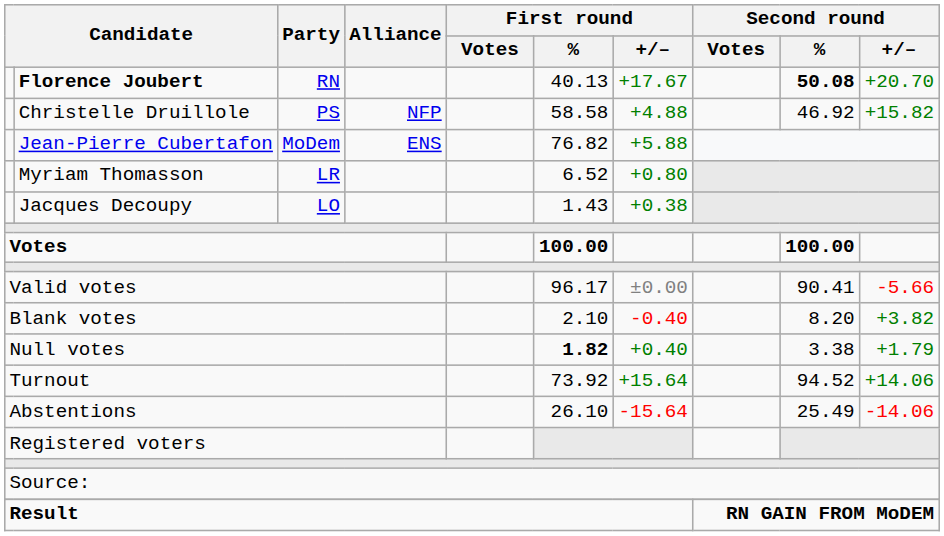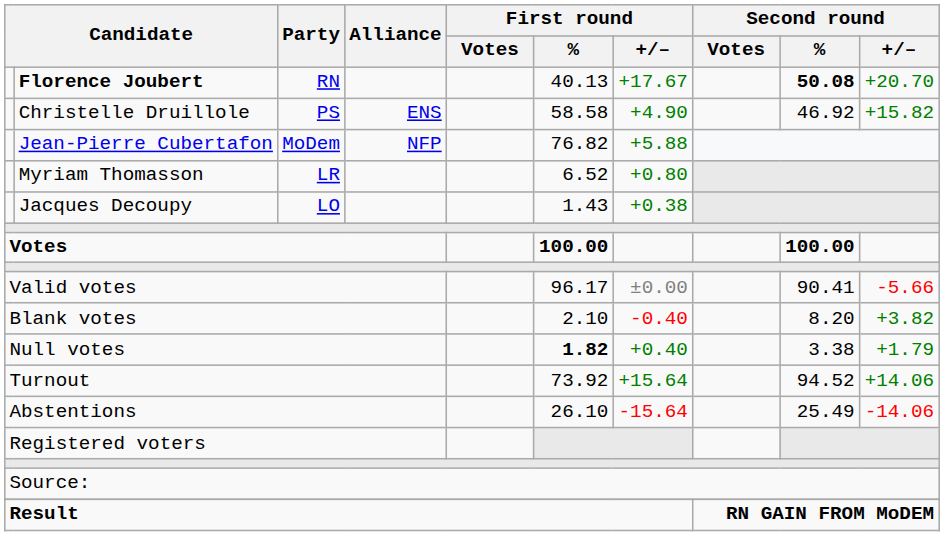 <table class="wikitable" style="text-align:right;font-size:95%;">
 <tr>
 <th rowspan="2" colspan="2">Candidate</th>
 <th rowspan="2">Party</th>
 <th rowspan="2">Alliance</th>
 <th colspan="3">First round</th>
 <th colspan="3">Second round</th>
 </tr>
 <tr>
 <th style="width:50px;">Votes</th>
 <th style="width:45px;">%</th>
 <th style="width:45px;">+/–</th>
 <th style="width:50px;">Votes</th>
 <th style="width:45px;">%</th>
 <th style="width:45px;">+/–</th>
 </tr>
 <tr>
 <td style="color:inherit;background:"></td>
 <td style="text-align:left;"><strong>Florence Joubert</strong></td>
 <td><a href='#'>RN</a></td>
 <td></td>
 <td></td>
 <td>40.13</td>
 <td style="color:green;">+17.67</td>
 <td><strong></strong></td>
 <td><strong>50.08</strong></td>
 <td style="color:green;">+20.70</td>
 </tr>
 <tr>
 <td style="color:inherit;background:"></td>
 <td style="text-align:left;">Christelle Druillole</td>
 <td><a href='#'>PS</a></td>
-<td><a href='#'>NFP</a></td>
+<td><a href='#'>ENS</a></td>
 <td></td>
 <td>58.58</td>
-<td style="color:green;">+4.88</td>
+<td style="color:green;">+4.90</td>
 <td></td>
 <td>46.92</td>
 <td style="color:green;">+15.82</td>
 </tr>
 <tr>
 <td style="color:inherit;background:"></td>
 <td style="text-align:left;"><a href='#'>Jean-Pierre Cubertafon</a></td>
 <td><a href='#'>MoDem</a></td>
-<td><a href='#'>ENS</a></td>
+<td><a href='#'>NFP</a></td>
 <td></td>
 <td>76.82</td>
 <td style="color:green;">+5.88</td>
 <td colspan="3" style="background:#F8F9FA;"></td>
 </tr>
 <tr>
 <td style="color:inherit;background:"></td>
 <td style="text-align:left;">Myriam Thomasson</td>
 <td><a href='#'>LR</a></td>
 <td></td>
 <td></td>
 <td>6.52</td>
 <td style="color:green;">+0.80</td>
 <td colspan="3" style="background:#E9E9E9;"></td>
 </tr>
 <tr>
 <td style="color:inherit;background:"></td>
 <td style="text-align:left;">Jacques Decoupy</td>
 <td><a href='#'>LO</a></td>
 <td></td>
 <td></td>
 <td>1.43</td>
 <td style="color:green;">+0.38</td>
 <td colspan="3" style="background:#E9E9E9;"></td>
 </tr>
 <tr>
 <td colspan="10" style="background:#E9E9E9;"></td>
 </tr>
 <tr style="font-weight:bold;">
 <td colspan="4" style="text-align:left;">Votes</td>
 <td></td>
 <td>100.00</td>
 <td></td>
 <td></td>
 <td>100.00</td>
 <td></td>
 </tr>
 <tr>
 <td colspan="10" style="background:#E9E9E9;"></td>
 </tr>
 <tr>
 <td colspan="4" style="text-align:left;">Valid votes</td>
 <td></td>
 <td>96.17</td>
 <td style="color:grey;">±0.00</td>
 <td></td>
 <td>90.41</td>
 <td style="color:red;">-5.66</td>
 </tr>
 <tr>
 <td colspan="4" style="text-align:left;">Blank votes</td>
 <td></td>
 <td>2.10</td>
 <td style="color:red;">-0.40</td>
 <td></td>
 <td>8.20</td>
 <td style="color:green;">+3.82</td>
 </tr>
 <tr>
 <td colspan="4" style="text-align:left;">Null votes</td>
 <td></td>
 <td><strong>1.82</strong></td>
 <td style="color:green;">+0.40</td>
 <td></td>
 <td>3.38</td>
 <td style="color:green;">+1.79</td>
 </tr>
 <tr>
 <td colspan="4" style="text-align:left;">Turnout</td>
 <td></td>
 <td>73.92</td>
 <td style="color:green;">+15.64</td>
 <td></td>
 <td>94.52</td>
 <td style="color:green;">+14.06</td>
 </tr>
 <tr>
 <td colspan="4" style="text-align:left;">Abstentions</td>
 <td></td>
 <td>26.10</td>
 <td style="color:red;">-15.64</td>
 <td></td>
 <td>25.49</td>
 <td style="color:red;">-14.06</td>
 </tr>
 <tr>
 <td colspan="4" style="text-align:left;">Registered voters</td>
 <td></td>
 <td colspan="2" style="background:#E9E9E9;"></td>
 <td></td>
 <td colspan="2" style="background:#E9E9E9;"></td>
 </tr>
 <tr>
 <td colspan="10" style="background:#E9E9E9;"></td>
 </tr>
 <tr>
 <td colspan="10" style="text-align:left;">Source: </td>
 </tr>
 <tr>
 </tr>
 <tr style="font-weight:bold">
 <td colspan="7" style="text-align:left;">Result</td>
 <td colspan="7" style="background-color:">RN GAIN FROM MoDEM</td>
 </tr>
 </table>
